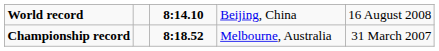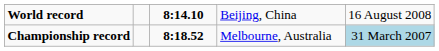 <table class="wikitable">
 <tr>
 <td><strong>World record</strong></td>
 <td style="padding-right:1em"></td>
 <td style="text-align:center;padding-left:1em; padding-right:1em;"><strong>8:14.10</strong></td>
 <td style="padding-right:1em"><a href='#'>Beijing</a>, China</td>
 <td align=right>16 August 2008</td>
 </tr>
 <tr>
 <td><strong>Championship record</strong></td>
 <td style="padding-right:1em"></td>
 <td style="text-align:center;padding-left:1em; padding-right:1em;"><strong>8:18.52</strong></td>
 <td style="padding-right:1em"><a href='#'>Melbourne</a>, Australia</td>
-<td align=right>31 March 2007</td>
+<td align=right style="background: lightblue;">31 March 2007</td>
 </tr>
 </table>
